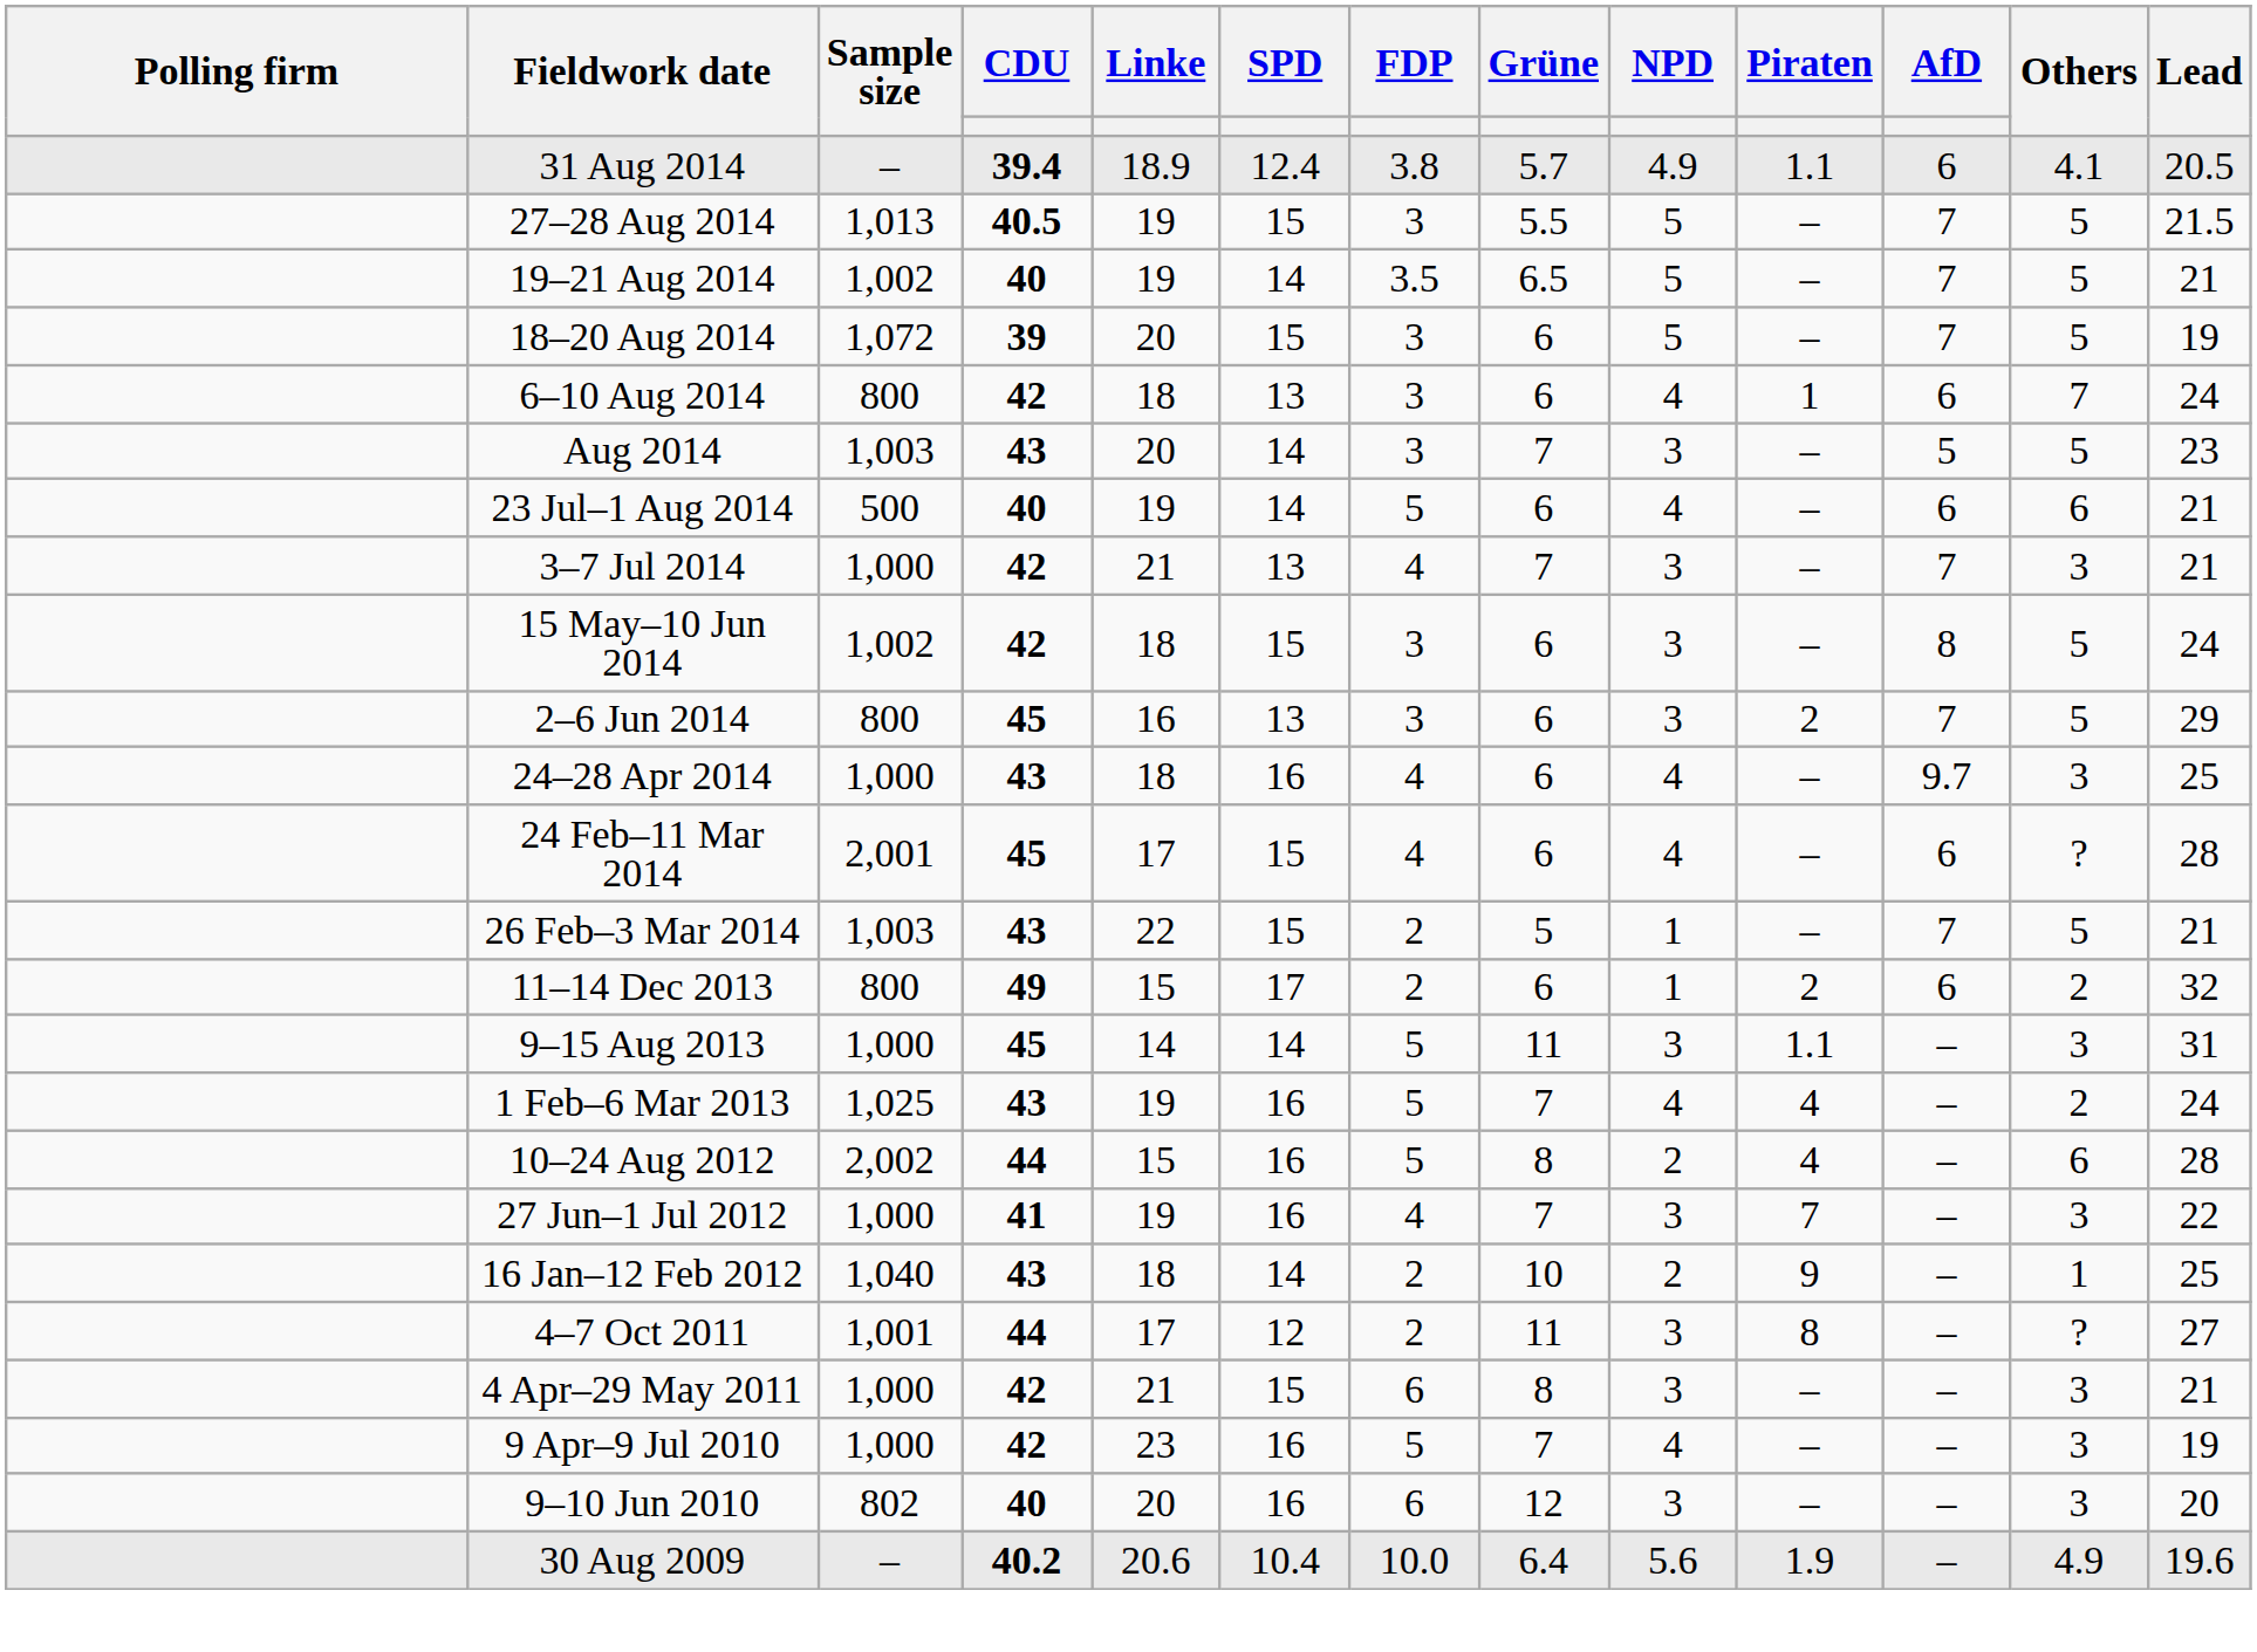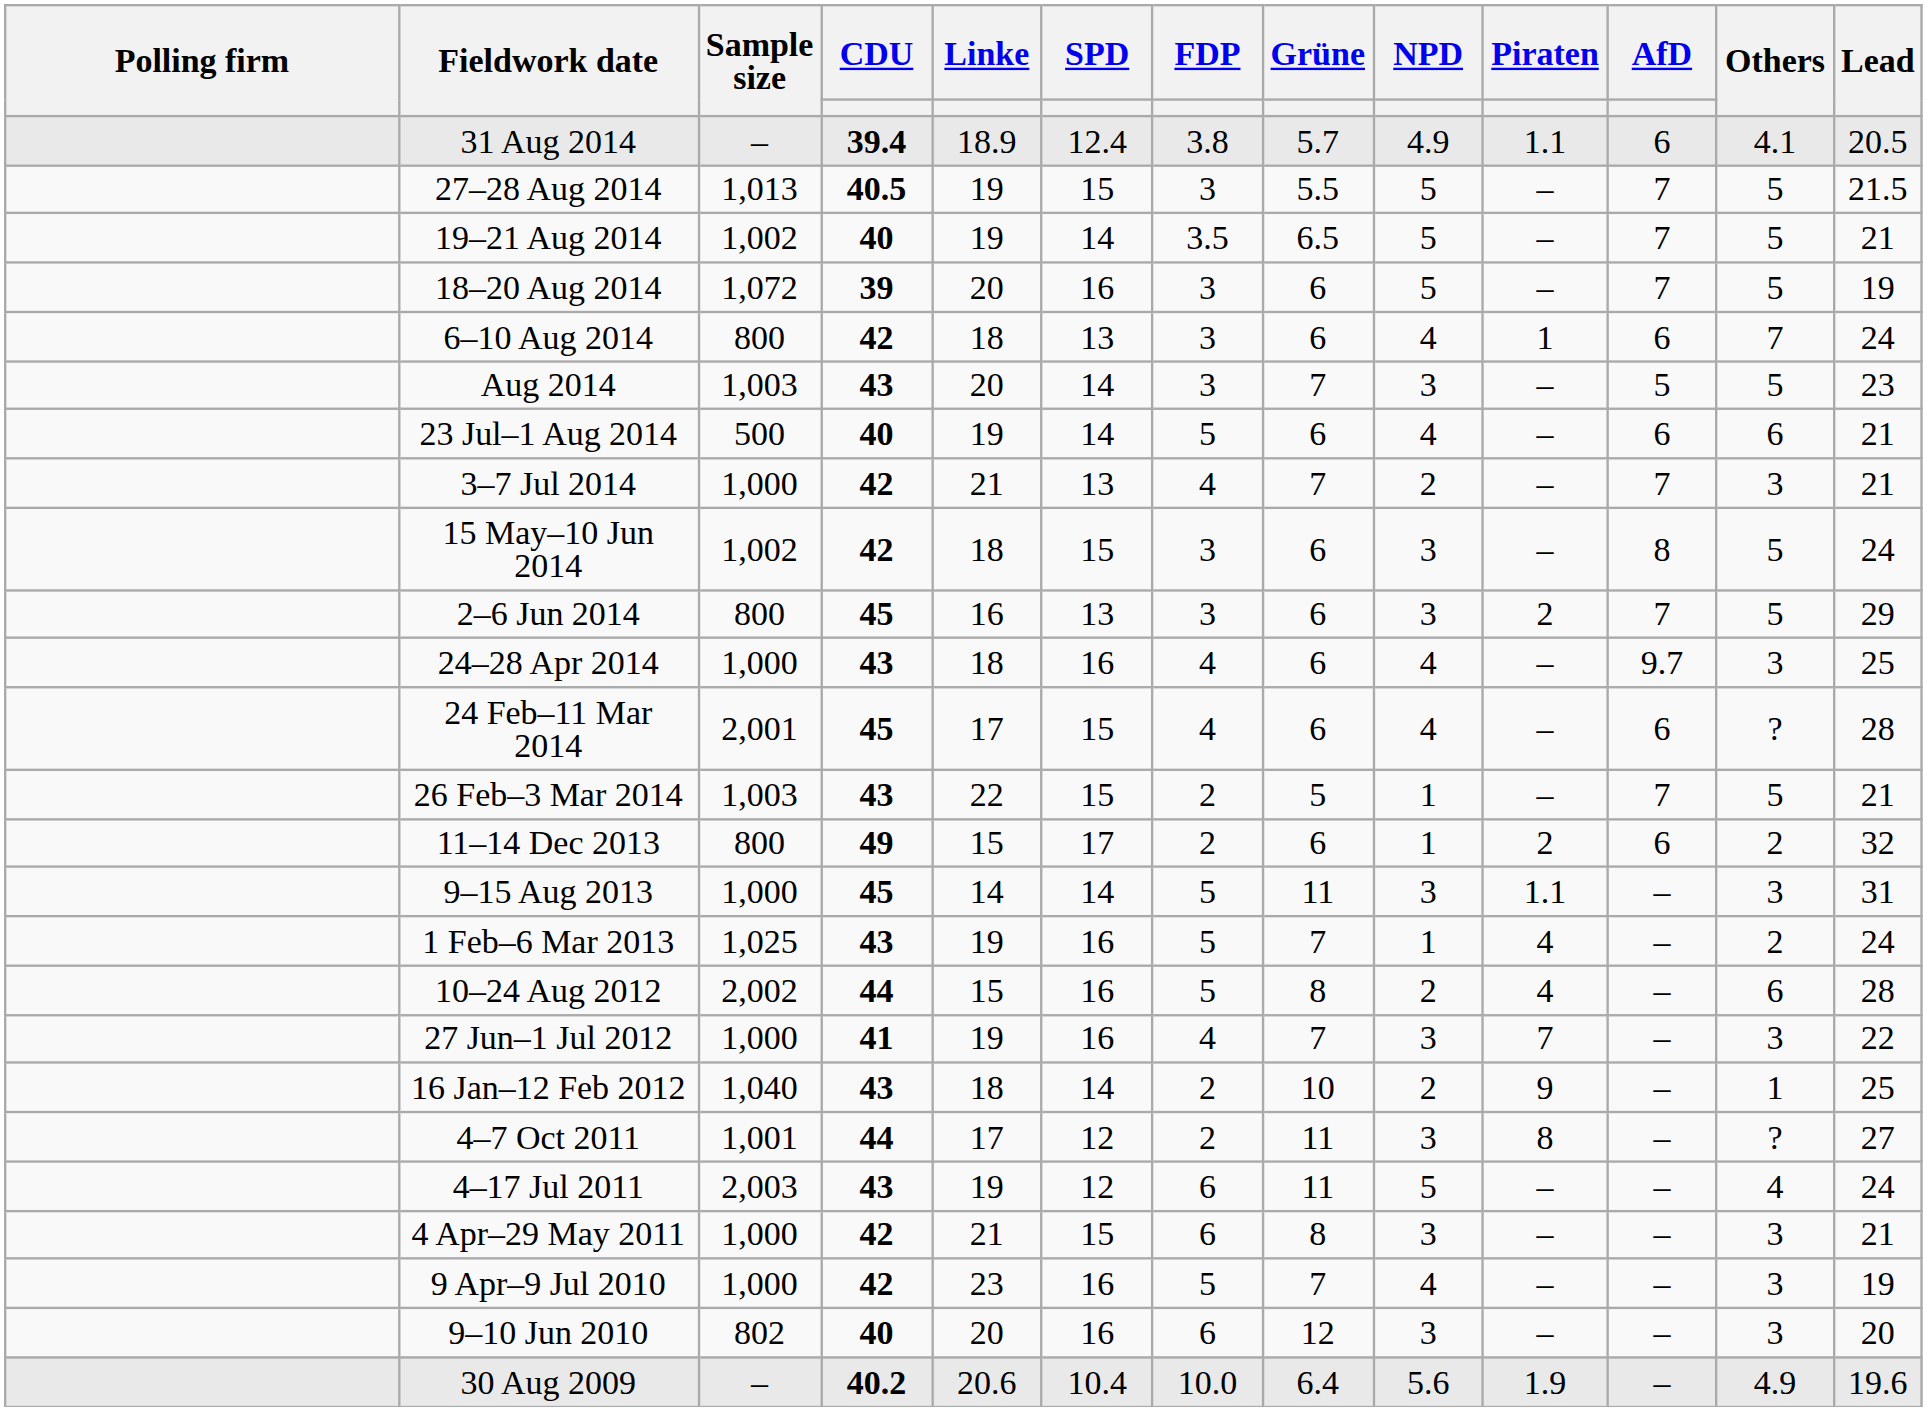 <table class="wikitable sortable" style="text-align:center;font-size:90%;line-height:14px;">
 <tr style="height:40px;">
 <th style="width:160px;" rowspan="2">Polling firm</th>
 <th style="width:120px;" rowspan="2">Fieldwork date</th>
 <th style="width:35px;" rowspan="2">Sample<br>size</th>
 <th class="unsortable" style="width:40px;"><a href='#'>CDU</a></th>
 <th class="unsortable" style="width:40px;"><a href='#'>Linke</a></th>
 <th class="unsortable" style="width:40px;"><a href='#'>SPD</a></th>
 <th class="unsortable" style="width:40px;"><a href='#'>FDP</a></th>
 <th class="unsortable" style="width:40px;"><a href='#'>Grüne</a></th>
 <th class="unsortable" style="width:40px;"><a href='#'>NPD</a></th>
 <th class="unsortable" style="width:40px;"><a href='#'>Piraten</a></th>
 <th class="unsortable" style="width:40px;"><a href='#'>AfD</a></th>
 <th class="unsortable" style="width:40px;" rowspan="2">Others</th>
 <th style="width:30px;" rowspan="2">Lead</th>
 </tr>
 <tr>
 <th style="background:"></th>
 <th style="background:"></th>
 <th style="background:"></th>
 <th style="background:"></th>
 <th style="background:"></th>
 <th style="background:"></th>
 <th style="background:"></th>
 <th style="background:"></th>
 </tr>
 <tr style="background:#E9E9E9;">
 <td></td>
 <td data-sort-value="2014-08-31">31 Aug 2014</td>
 <td>–</td>
 <td><strong>39.4</strong></td>
 <td>18.9</td>
 <td>12.4</td>
 <td>3.8</td>
 <td>5.7</td>
 <td>4.9</td>
 <td>1.1</td>
 <td>6</td>
 <td>4.1</td>
 <td style="background:">20.5</td>
 </tr>
 <tr>
 <td></td>
 <td data-sort-value="2014-08-28">27–28 Aug 2014</td>
 <td>1,013</td>
 <td><strong>40.5</strong></td>
 <td>19</td>
 <td>15</td>
 <td>3</td>
 <td>5.5</td>
 <td>5</td>
 <td>–</td>
 <td>7</td>
 <td>5</td>
 <td style="background:">21.5</td>
 </tr>
 <tr>
 <td></td>
 <td data-sort-value="2014-08-21">19–21 Aug 2014</td>
 <td>1,002</td>
 <td><strong>40</strong></td>
 <td>19</td>
 <td>14</td>
 <td>3.5</td>
 <td>6.5</td>
 <td>5</td>
 <td>–</td>
 <td>7</td>
 <td>5</td>
 <td style="background:">21</td>
 </tr>
 <tr>
 <td></td>
 <td data-sort-value="2014-08-21">18–20 Aug 2014</td>
 <td>1,072</td>
 <td><strong>39</strong></td>
 <td>20</td>
-<td>15</td>
+<td>16</td>
 <td>3</td>
 <td>6</td>
 <td>5</td>
 <td>–</td>
 <td>7</td>
 <td>5</td>
 <td style="background:">19</td>
 </tr>
 <tr>
 <td></td>
 <td data-sort-value="2014-08-18">6–10 Aug 2014</td>
 <td>800</td>
 <td><strong>42</strong></td>
 <td>18</td>
 <td>13</td>
 <td>3</td>
 <td>6</td>
 <td>4</td>
 <td>1</td>
 <td>6</td>
 <td>7</td>
 <td style="background:">24</td>
 </tr>
 <tr>
 <td></td>
 <td data-sort-value="2014-08-09">Aug 2014</td>
 <td>1,003</td>
 <td><strong>43</strong></td>
 <td>20</td>
 <td>14</td>
 <td>3</td>
 <td>7</td>
 <td>3</td>
 <td>–</td>
 <td>5</td>
 <td>5</td>
 <td style="background:">23</td>
 </tr>
 <tr>
 <td></td>
 <td data-sort-value="2014-08-08">23 Jul–1 Aug 2014</td>
 <td>500</td>
 <td><strong>40</strong></td>
 <td>19</td>
 <td>14</td>
 <td>5</td>
 <td>6</td>
 <td>4</td>
 <td>–</td>
 <td>6</td>
 <td>6</td>
 <td style="background:">21</td>
 </tr>
 <tr>
 <td></td>
 <td data-sort-value="2014-07-10">3–7 Jul 2014</td>
 <td>1,000</td>
 <td><strong>42</strong></td>
 <td>21</td>
 <td>13</td>
 <td>4</td>
 <td>7</td>
-<td>3</td>
+<td>2</td>
 <td>–</td>
 <td>7</td>
 <td>3</td>
 <td style="background:">21</td>
 </tr>
 <tr>
 <td></td>
 <td data-sort-value="2014-06-20">15 May–10 Jun 2014</td>
 <td>1,002</td>
 <td><strong>42</strong></td>
 <td>18</td>
 <td>15</td>
 <td>3</td>
 <td>6</td>
 <td>3</td>
 <td>–</td>
 <td>8</td>
 <td>5</td>
 <td style="background:">24</td>
 </tr>
 <tr>
 <td></td>
 <td data-sort-value="2014-06-13">2–6 Jun 2014</td>
 <td>800</td>
 <td><strong>45</strong></td>
 <td>16</td>
 <td>13</td>
 <td>3</td>
 <td>6</td>
 <td>3</td>
 <td>2</td>
 <td>7</td>
 <td>5</td>
 <td style="background:">29</td>
 </tr>
 <tr>
 <td></td>
 <td data-sort-value="2014-04-30">24–28 Apr 2014</td>
 <td>1,000</td>
 <td><strong>43</strong></td>
 <td>18</td>
 <td>16</td>
 <td>4</td>
 <td>6</td>
 <td>4</td>
 <td>–</td>
 <td>9.7</td>
 <td>3</td>
 <td style="background:">25</td>
 </tr>
 <tr>
 <td></td>
 <td data-sort-value="2014-03-29">24 Feb–11 Mar 2014</td>
 <td>2,001</td>
 <td><strong>45</strong></td>
 <td>17</td>
 <td>15</td>
 <td>4</td>
 <td>6</td>
 <td>4</td>
 <td>–</td>
 <td>6</td>
 <td>?</td>
 <td style="background:">28</td>
 </tr>
 <tr>
 <td></td>
 <td data-sort-value="2014-03-08">26 Feb–3 Mar 2014</td>
 <td>1,003</td>
 <td><strong>43</strong></td>
 <td>22</td>
 <td>15</td>
 <td>2</td>
 <td>5</td>
 <td>1</td>
 <td>–</td>
 <td>7</td>
 <td>5</td>
 <td style="background:">21</td>
 </tr>
 <tr>
 <td></td>
 <td data-sort-value="2014-01-02">11–14 Dec 2013</td>
 <td>800</td>
 <td><strong>49</strong></td>
 <td>15</td>
 <td>17</td>
 <td>2</td>
 <td>6</td>
 <td>1</td>
 <td>2</td>
 <td>6</td>
 <td>2</td>
 <td style="background:">32</td>
 </tr>
 <tr>
 <td></td>
 <td data-sort-value="2013-08-20">9–15 Aug 2013</td>
 <td>1,000</td>
 <td><strong>45</strong></td>
 <td>14</td>
 <td>14</td>
 <td>5</td>
 <td>11</td>
 <td>3</td>
 <td>1.1</td>
 <td>–</td>
 <td>3</td>
 <td style="background:">31</td>
 </tr>
 <tr>
 <td></td>
 <td data-sort-value="2013-04-09">1 Feb–6 Mar 2013</td>
 <td>1,025</td>
 <td><strong>43</strong></td>
 <td>19</td>
 <td>16</td>
 <td>5</td>
 <td>7</td>
-<td>4</td>
+<td>1</td>
 <td>4</td>
 <td>–</td>
 <td>2</td>
 <td style="background:">24</td>
 </tr>
 <tr>
 <td></td>
 <td data-sort-value="2012-09-05">10–24 Aug 2012</td>
 <td>2,002</td>
 <td><strong>44</strong></td>
 <td>15</td>
 <td>16</td>
 <td>5</td>
 <td>8</td>
 <td>2</td>
 <td>4</td>
 <td>–</td>
 <td>6</td>
 <td style="background:">28</td>
 </tr>
 <tr>
 <td></td>
 <td data-sort-value="2012-09-08">27 Jun–1 Jul 2012</td>
 <td>1,000</td>
 <td><strong>41</strong></td>
 <td>19</td>
 <td>16</td>
 <td>4</td>
 <td>7</td>
 <td>3</td>
 <td>7</td>
 <td>–</td>
 <td>3</td>
 <td style="background:">22</td>
 </tr>
 <tr>
 <td></td>
 <td data-sort-value="2012-03-15">16 Jan–12 Feb 2012</td>
 <td>1,040</td>
 <td><strong>43</strong></td>
 <td>18</td>
 <td>14</td>
 <td>2</td>
 <td>10</td>
 <td>2</td>
 <td>9</td>
 <td>–</td>
 <td>1</td>
 <td style="background:">25</td>
 </tr>
 <tr>
 <td></td>
 <td data-sort-value="2011-10-16">4–7 Oct 2011</td>
 <td>1,001</td>
 <td><strong>44</strong></td>
 <td>17</td>
 <td>12</td>
 <td>2</td>
 <td>11</td>
 <td>3</td>
 <td>8</td>
 <td>–</td>
 <td>?</td>
 <td style="background:">27</td>
 </tr>
 <tr>
 <td></td>
+<td data-sort-value="2011-08-24">4–17 Jul 2011</td>
+<td>2,003</td>
+<td><strong>43</strong></td>
+<td>19</td>
+<td>12</td>
+<td>6</td>
+<td>11</td>
+<td>5</td>
+<td>–</td>
+<td>–</td>
+<td>4</td>
+<td style="background:">24</td>
+</tr>
+<tr>
+<td></td>
 <td data-sort-value="2011-06-28">4 Apr–29 May 2011</td>
 <td>1,000</td>
 <td><strong>42</strong></td>
 <td>21</td>
 <td>15</td>
 <td>6</td>
 <td>8</td>
 <td>3</td>
 <td>–</td>
 <td>–</td>
 <td>3</td>
 <td style="background:">21</td>
 </tr>
 <tr>
 <td></td>
 <td data-sort-value="2010-08-24">9 Apr–9 Jul 2010</td>
 <td>1,000</td>
 <td><strong>42</strong></td>
 <td>23</td>
 <td>16</td>
 <td>5</td>
 <td>7</td>
 <td>4</td>
 <td>–</td>
 <td>–</td>
 <td>3</td>
 <td style="background:">19</td>
 </tr>
 <tr>
 <td></td>
 <td data-sort-value="2010-06-14">9–10 Jun 2010</td>
 <td>802</td>
 <td><strong>40</strong></td>
 <td>20</td>
 <td>16</td>
 <td>6</td>
 <td>12</td>
 <td>3</td>
 <td>–</td>
 <td>–</td>
 <td>3</td>
 <td style="background:">20</td>
 </tr>
 <tr style="background:#E9E9E9;">
 <td></td>
 <td data-sort-value="2009-08-30">30 Aug 2009</td>
 <td>–</td>
 <td><strong>40.2</strong></td>
 <td>20.6</td>
 <td>10.4</td>
 <td>10.0</td>
 <td>6.4</td>
 <td>5.6</td>
 <td>1.9</td>
 <td>–</td>
 <td>4.9</td>
 <td style="background:">19.6</td>
 </tr>
 </table>
